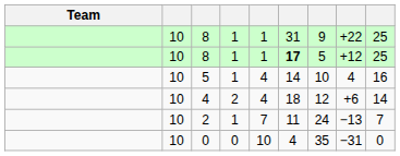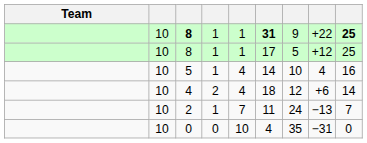 <table class="wikitable" style="text-align: center; font-size: 90%;">
 <tr>
 <th width=165>Team</th>
 <th width=25></th>
 <th width=25></th>
 <th width=25></th>
 <th width=25></th>
 <th width=25></th>
 <th width=25></th>
 <th width=25></th>
 <th width=25></th>
 </tr>
 <tr style="background:#cfc;">
 <td align=left></td>
 <td>10</td>
-<td>8</td>
+<td><strong>8</strong></td>
 <td>1</td>
 <td>1</td>
-<td>31</td>
+<td><strong>31</strong></td>
 <td>9</td>
 <td>+22</td>
-<td>25</td>
+<td><strong>25</strong></td>
 </tr>
 <tr style="background:#cfc;">
 <td align=left></td>
 <td>10</td>
 <td>8</td>
 <td>1</td>
 <td>1</td>
-<td><strong>17</strong></td>
+<td>17</td>
 <td>5</td>
 <td>+12</td>
 <td>25</td>
 </tr>
 <tr>
 <td align=left></td>
 <td>10</td>
 <td>5</td>
 <td>1</td>
 <td>4</td>
 <td>14</td>
 <td>10</td>
 <td>4</td>
 <td>16</td>
 </tr>
 <tr>
 <td align=left></td>
 <td>10</td>
 <td>4</td>
 <td>2</td>
 <td>4</td>
 <td>18</td>
 <td>12</td>
 <td>+6</td>
 <td>14</td>
 </tr>
 <tr>
 <td align=left></td>
 <td>10</td>
 <td>2</td>
 <td>1</td>
 <td>7</td>
 <td>11</td>
 <td>24</td>
 <td>−13</td>
 <td>7</td>
 </tr>
 <tr>
 <td align=left></td>
 <td>10</td>
 <td>0</td>
 <td>0</td>
 <td>10</td>
 <td>4</td>
 <td>35</td>
 <td>−31</td>
 <td>0</td>
 </tr>
 </table>
